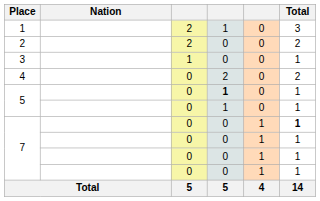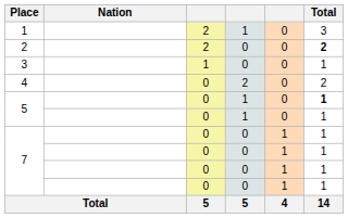 <table class="wikitable" style="border:1px solid #AAAAAA">
 <tr bgcolor="#EFEFEF">
 <th width=50>Place</th>
 <th width=200>Nation</th>
 <th width=50></th>
 <th width=50></th>
 <th width=50></th>
 <th width=50>Total</th>
 </tr>
 <tr align=center bgcolor="#FFFFFF">
 <td>1</td>
 <td align="left"></td>
 <td style="background:#F7F6A8;">2</td>
 <td style="background:#DCE5E5;">1</td>
 <td style="background:#FFDAB9;">0</td>
 <td>3</td>
 </tr>
 <tr align=center bgcolor="#FFFFFF">
 <td>2</td>
 <td align="left"></td>
 <td style="background:#F7F6A8;">2</td>
 <td style="background:#DCE5E5;">0</td>
 <td style="background:#FFDAB9;">0</td>
-<td>2</td>
+<td><strong>2</strong></td>
 </tr>
 <tr align=center bgcolor="#FFFFFF">
 <td>3</td>
 <td align="left"></td>
 <td style="background:#F7F6A8;">1</td>
 <td style="background:#DCE5E5;">0</td>
 <td style="background:#FFDAB9;">0</td>
 <td>1</td>
 </tr>
 <tr align=center bgcolor="#FFFFFF">
 <td>4</td>
 <td align="left"></td>
 <td style="background:#F7F6A8;">0</td>
 <td style="background:#DCE5E5;">2</td>
 <td style="background:#FFDAB9;">0</td>
 <td>2</td>
 </tr>
 <tr align=center bgcolor="#FFFFFF">
 <td rowspan=2>5</td>
 <td align="left"></td>
 <td style="background:#F7F6A8;">0</td>
-<td style="background:#DCE5E5;"><strong>1</strong></td>
+<td style="background:#DCE5E5;">1</td>
 <td style="background:#FFDAB9;">0</td>
-<td>1</td>
+<td><strong>1</strong></td>
 </tr>
 <tr align=center bgcolor="#FFFFFF">
 <td align="left"></td>
 <td style="background:#F7F6A8;">0</td>
 <td style="background:#DCE5E5;">1</td>
 <td style="background:#FFDAB9;">0</td>
 <td>1</td>
 </tr>
 <tr align=center bgcolor="#FFFFFF">
 <td rowspan=4>7</td>
 <td align="left"></td>
 <td style="background:#F7F6A8;">0</td>
 <td style="background:#DCE5E5;">0</td>
 <td style="background:#FFDAB9;">1</td>
-<td><strong>1</strong></td>
+<td>1</td>
 </tr>
 <tr align=center bgcolor="#FFFFFF">
 <td align="left"></td>
 <td style="background:#F7F6A8;">0</td>
 <td style="background:#DCE5E5;">0</td>
 <td style="background:#FFDAB9;">1</td>
 <td>1</td>
 </tr>
 <tr align=center bgcolor="#FFFFFF">
 <td align="left"></td>
 <td style="background:#F7F6A8;">0</td>
 <td style="background:#DCE5E5;">0</td>
 <td style="background:#FFDAB9;">1</td>
 <td>1</td>
 </tr>
 <tr align=center bgcolor="#FFFFFF">
 <td align="left"></td>
 <td style="background:#F7F6A8;">0</td>
 <td style="background:#DCE5E5;">0</td>
 <td style="background:#FFDAB9;">1</td>
 <td>1</td>
 </tr>
 <tr bgcolor="#EFEFEF">
 <th colspan=2>Total</th>
 <th>5</th>
 <th>5</th>
 <th>4</th>
 <th>14</th>
 </tr>
 </table>
